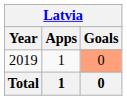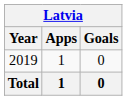 <table class="wikitable" style="text-align:center">
 <tr>
 <th colspan=3><a href='#'>Latvia</a></th>
 </tr>
 <tr>
 <th>Year</th>
 <th>Apps</th>
 <th>Goals</th>
 </tr>
 <tr>
 <td>2019</td>
 <td>1</td>
-<td style="background: lightsalmon;">0</td>
+<td>0</td>
 </tr>
 <tr>
 <th>Total</th>
 <th>1</th>
 <th>0</th>
 </tr>
 </table>
